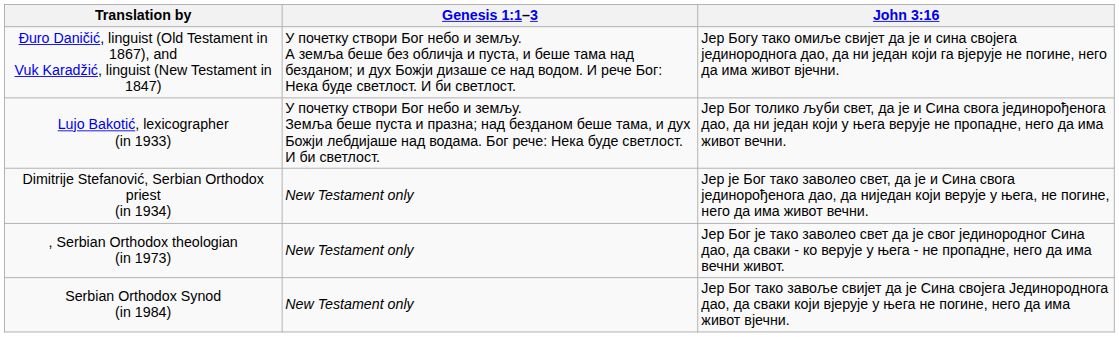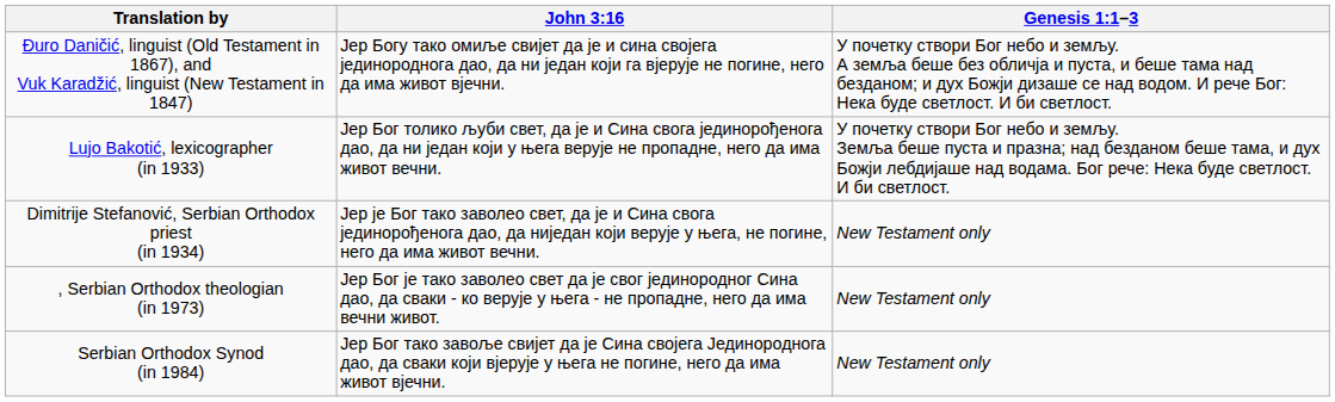 <table class="wikitable">
 <tr>
 <th style="text-align:center; width:25%;">Translation by</th>
+<th style="width:37.5%;"><a href='#'>John 3:16</a></th>
 <th style="width:37.5%;"><a href='#'>Genesis 1:1</a>–<a href='#'>3</a></th>
-<th style="width:37.5%;"><a href='#'>John 3:16</a></th>
 </tr>
 <tr>
 <td style="text-align:center;"><a href='#'>Đuro Daničić</a>, linguist (Old Testament in 1867), and<br><a href='#'>Vuk Karadžić</a>, linguist (New Testament in 1847)</td>
+<td valign="top">Јер Богу тако омиље свијет да је и сина својега јединороднога дао, да ни један који га вјерује не погине, него да има живот вјечни.</td>
 <td>У почетку створи Бог небо и земљу.<br>А земља беше без обличја и пуста, и беше тама над безданом; и дух Божји дизаше се над водом. И рече Бог: Нека буде светлост. И би светлост.</td>
-<td valign="top">Јер Богу тако омиље свијет да је и сина својега јединороднога дао, да ни један који га вјерује не погине, него да има живот вјечни.</td>
 </tr>
 <tr>
 <td style="text-align:center;"><a href='#'>Lujo Bakotić</a>, lexicographer<br>(in 1933)</td>
+<td valign="top">Јер Бог толико љуби свет, да је и Сина свога јединорођенога дао, да ни један који у њега верује не пропадне, него да има живот вечни.</td>
 <td>У почетку створи Бог небо и земљу.<br>Земља беше пуста и празна; над безданом беше тама, и дух Божји лебдијаше над водама. Бог рече: Нека буде светлост. И би светлост.</td>
-<td valign="top">Јер Бог толико љуби свет, да је и Сина свога јединорођенога дао, да ни један који у њега верује не пропадне, него да има живот вечни.</td>
 </tr>
 <tr>
 <td style="text-align:center;">Dimitrije Stefanović, Serbian Orthodox priest<br>(in 1934)</td>
+<td valign="top">Јер је Бог тако заволео свет, да је и Сина свога јединорођенога дао, да ниједан који верује у њега, не погине, него да има живот вечни.</td>
 <td valign="center"><em>New Testament only</em></td>
-<td valign="top">Јер је Бог тако заволео свет, да је и Сина свога јединорођенога дао, да ниједан који верује у њега, не погине, него да има живот вечни.</td>
 </tr>
 <tr>
 <td style="text-align:center;">, Serbian Orthodox theologian<br>(in 1973)</td>
+<td valign="top">Јер Бог је тако заволео свет да је свог јединородног Сина дао, да сваки - ко верује у њега - не пропадне, него да има вечни живот.</td>
 <td valign="center"><em>New Testament only</em></td>
-<td valign="top">Јер Бог је тако заволео свет да је свог јединородног Сина дао, да сваки - ко верује у њега - не пропадне, него да има вечни живот.</td>
 </tr>
 <tr>
 <td style="text-align:center;">Serbian Orthodox Synod<br>(in 1984)</td>
+<td valign="top">Јер Бог тако завоље свијет да је Сина својега Јединороднога дао, да сваки који вјерује у њега не погине, него да има живот вјечни.</td>
 <td valign="center"><em>New Testament only</em></td>
-<td valign="top">Јер Бог тако завоље свијет да је Сина својега Јединороднога дао, да сваки који вјерује у њега не погине, него да има живот вјечни.</td>
 </tr>
 </table>
